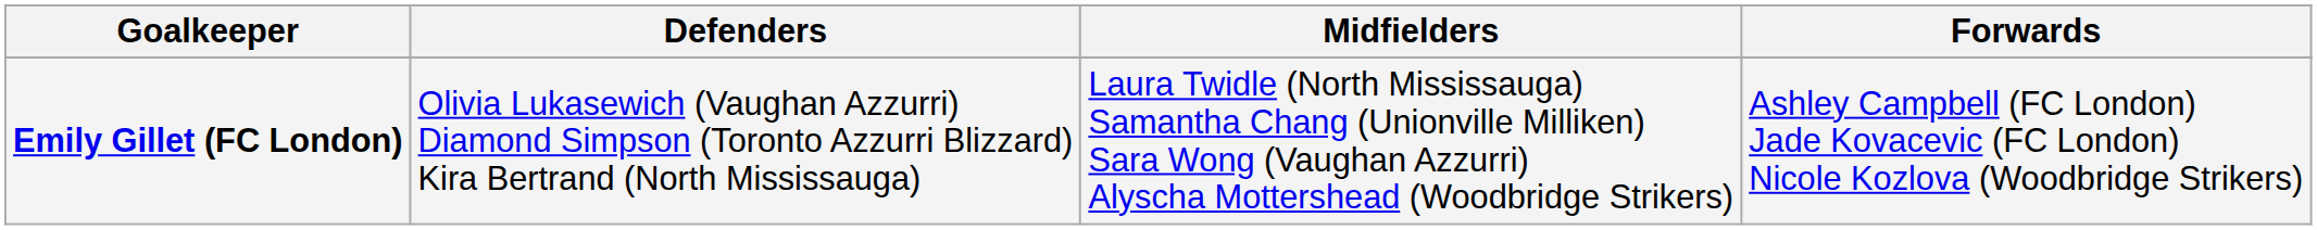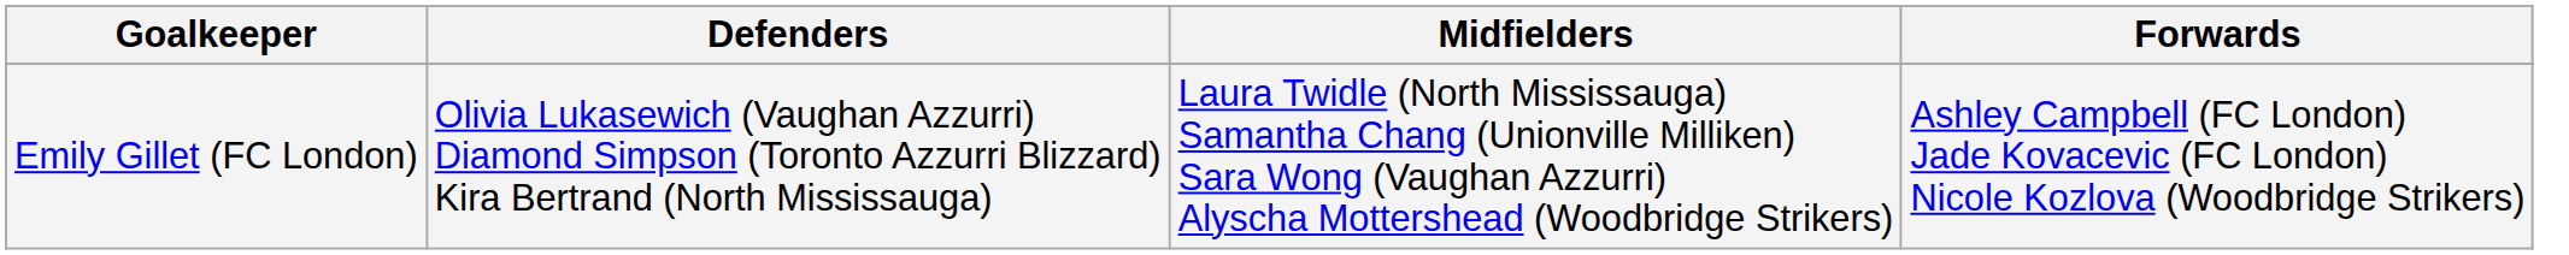 <table class="wikitable">
 <tr style="background:#cccccc;">
 <th>Goalkeeper</th>
 <th>Defenders</th>
 <th>Midfielders</th>
 <th>Forwards</th>
 </tr>
 <tr>
 </tr>
 <tr style="background:#f4f4f4;">
-<td><strong><a href='#'>Emily Gillet</a> (FC London)</strong></td>
+<td><a href='#'>Emily Gillet</a> (FC London)</td>
 <td><a href='#'>Olivia Lukasewich</a> (Vaughan Azzurri)<br><a href='#'>Diamond Simpson</a> (Toronto Azzurri Blizzard)<br>Kira Bertrand (North Mississauga)</td>
 <td><a href='#'>Laura Twidle</a> (North Mississauga)<br><a href='#'>Samantha Chang</a> (Unionville Milliken)<br><a href='#'>Sara Wong</a> (Vaughan Azzurri)<br><a href='#'>Alyscha Mottershead</a> (Woodbridge Strikers)</td>
 <td><a href='#'>Ashley Campbell</a> (FC London)<br><a href='#'>Jade Kovacevic</a> (FC London)<br><a href='#'>Nicole Kozlova</a> (Woodbridge Strikers)</td>
 </tr>
 </table>
